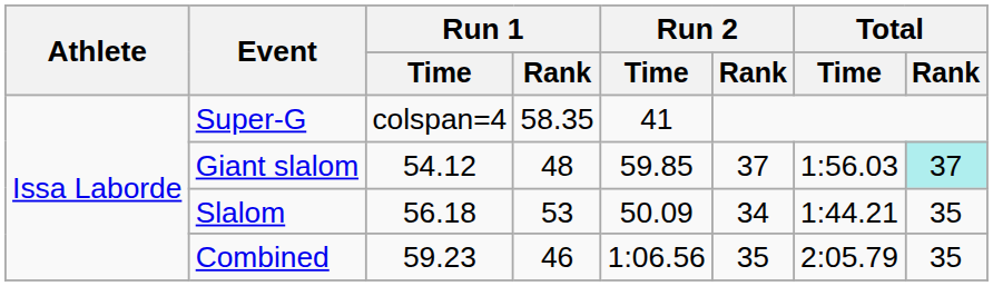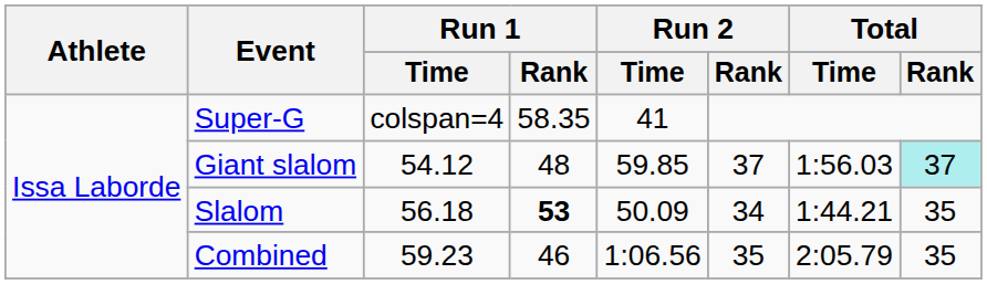 <table class="wikitable" style="font-size:90%">
 <tr>
 <th rowspan=2>Athlete</th>
 <th rowspan=2>Event</th>
 <th colspan=2>Run 1</th>
 <th colspan=2>Run 2</th>
 <th colspan=2>Total</th>
 </tr>
 <tr style="font-size:95%">
 <th>Time</th>
 <th>Rank</th>
 <th>Time</th>
 <th>Rank</th>
 <th>Time</th>
 <th>Rank</th>
 </tr>
 <tr align=center>
 <td align="left" rowspan="4"><a href='#'>Issa Laborde</a></td>
 <td align="left"><a href='#'>Super-G</a></td>
 <td>colspan=4</td>
 <td>58.35</td>
 <td>41</td>
 </tr>
 <tr align=center>
 <td align="left"><a href='#'>Giant slalom</a></td>
 <td>54.12</td>
 <td>48</td>
 <td>59.85</td>
 <td>37</td>
 <td>1:56.03</td>
 <td style="background: paleturquoise;">37</td>
 </tr>
 <tr align=center>
 <td align="left"><a href='#'>Slalom</a></td>
 <td>56.18</td>
-<td>53</td>
+<td><strong>53</strong></td>
 <td>50.09</td>
 <td>34</td>
 <td>1:44.21</td>
 <td>35</td>
 </tr>
 <tr align=center>
 <td align="left"><a href='#'>Combined</a></td>
 <td>59.23</td>
 <td>46</td>
 <td>1:06.56</td>
 <td>35</td>
 <td>2:05.79</td>
 <td>35</td>
 </tr>
 </table>
